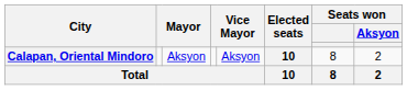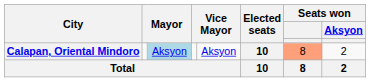 <table class="wikitable" style="text-align:center; font-size: 0.9em;">
 <tr>
 <th rowspan="3">City</th>
 <th colspan="2" rowspan="3" style="width:60px;">Mayor</th>
 <th colspan="2" rowspan="3" style="width:60px;">Vice Mayor</th>
 <th rowspan="3">Elected<br>seats</th>
 <th colspan="2">Seats won</th>
 </tr>
 <tr>
 <th class="unsortable" style="width:45px;"></th>
 <th class="unsortable" style="width:45px;"><a href='#'>Aksyon</a></th>
 </tr>
 <tr>
 <th style="color:inherit;background:"></th>
 <th style="color:inherit;background:"></th>
 </tr>
 <tr>
 <th style="text-align: left;"><a href='#'>Calapan, Oriental Mindoro</a></th>
 <td style="color:inherit;background:"></td>
-<td><a href='#'>Aksyon</a></td>
+<td style="background: lightblue;"><a href='#'>Aksyon</a></td>
 <td style="color:inherit;background:"></td>
 <td><a href='#'>Aksyon</a></td>
 <th>10</th>
-<td>8</td>
+<td style="background: lightsalmon;">8</td>
 <td>2</td>
 </tr>
 <tr>
 <th colspan="5">Total</th>
 <th>10</th>
 <th>8</th>
 <th>2</th>
 </tr>
 </table>
